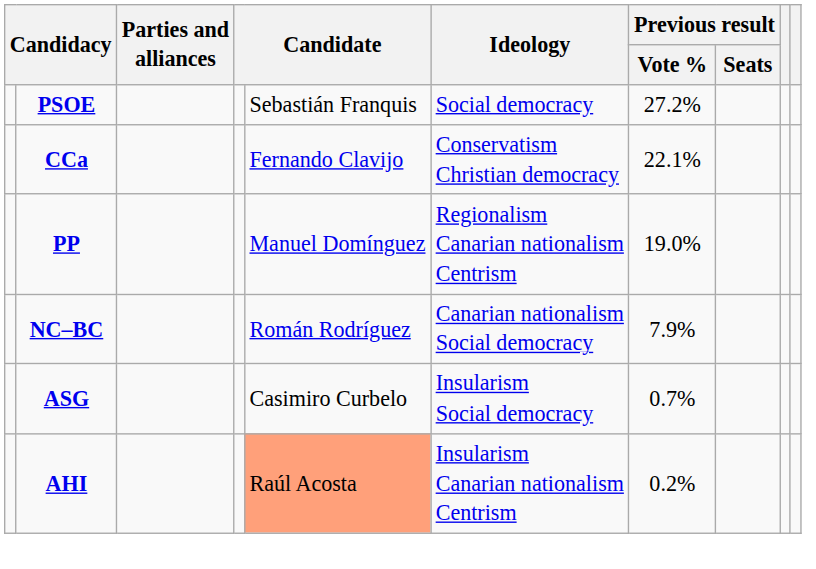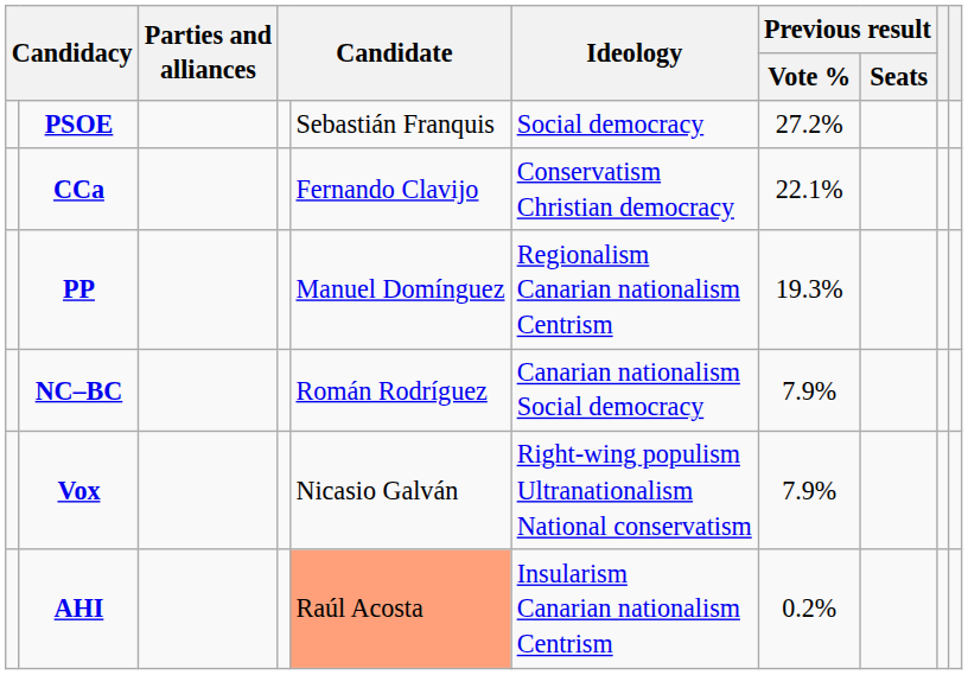 <table class="wikitable" style="line-height:1.35em; text-align:left;">
 <tr>
 <th colspan="2" rowspan="2">Candidacy</th>
 <th rowspan="2">Parties and<br>alliances</th>
 <th colspan="2" rowspan="2">Candidate</th>
 <th rowspan="2">Ideology</th>
 <th colspan="2">Previous result</th>
 <th rowspan="2"></th>
 <th rowspan="2"></th>
 </tr>
 <tr>
 <th>Vote %</th>
 <th>Seats</th>
 </tr>
 <tr>
 <td width="1" style="color:inherit;background:"></td>
 <td align="center"><strong><a href='#'>PSOE</a></strong></td>
 <td></td>
 <td></td>
 <td>Sebastián Franquis</td>
 <td><a href='#'>Social democracy</a></td>
 <td align="center">27.2%</td>
 <td></td>
 <td></td>
 <td></td>
 </tr>
 <tr>
 <td style="color:inherit;background:"></td>
 <td align="center"><strong><a href='#'>CCa</a></strong></td>
 <td></td>
 <td></td>
 <td><a href='#'>Fernando Clavijo</a></td>
 <td><a href='#'>Conservatism</a><br><a href='#'>Christian democracy</a></td>
 <td align="center">22.1%</td>
 <td></td>
 <td></td>
 <td></td>
 </tr>
 <tr>
 <td style="color:inherit;background:"></td>
 <td align="center"><strong><a href='#'>PP</a></strong></td>
 <td></td>
 <td></td>
 <td><a href='#'>Manuel Domínguez</a></td>
 <td><a href='#'>Regionalism</a><br><a href='#'>Canarian nationalism</a><br><a href='#'>Centrism</a></td>
-<td align="center">19.0%</td>
+<td align="center">19.3%</td>
 <td></td>
 <td></td>
 <td></td>
 </tr>
 <tr>
 <td style="color:inherit;background:"></td>
 <td align="center"><strong><a href='#'>NC–BC</a></strong></td>
 <td></td>
 <td></td>
 <td><a href='#'>Román Rodríguez</a></td>
 <td><a href='#'>Canarian nationalism</a><br><a href='#'>Social democracy</a></td>
 <td align="center">7.9%</td>
 <td></td>
 <td></td>
 <td></td>
 </tr>
 <tr>
 <td style="color:inherit;background:"></td>
-<td align="center"><strong><a href='#'>ASG</a></strong></td>
+<td align="center"><strong><a href='#'>Vox</a></strong></td>
 <td></td>
 <td></td>
-<td>Casimiro Curbelo</td>
-<td><a href='#'>Insularism</a><br><a href='#'>Social democracy</a></td>
-<td align="center">0.7%</td>
+<td>Nicasio Galván</td>
+<td><a href='#'>Right-wing populism</a><br><a href='#'>Ultranationalism</a><br><a href='#'>National conservatism</a></td>
+<td align="center">7.9%</td>
 <td></td>
 <td></td>
 <td></td>
 </tr>
 <tr>
 <td style="color:inherit;background:"></td>
 <td align="center"><strong><a href='#'>AHI</a></strong></td>
 <td></td>
 <td></td>
 <td Raúl Acosta (politician) style="background: lightsalmon;">Raúl Acosta</td>
 <td><a href='#'>Insularism</a><br><a href='#'>Canarian nationalism</a><br><a href='#'>Centrism</a></td>
 <td align="center">0.2%</td>
 <td></td>
 <td></td>
 <td></td>
 </tr>
 </table>
